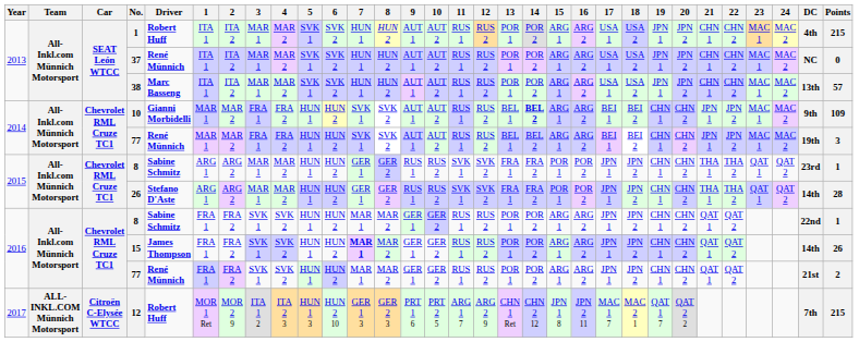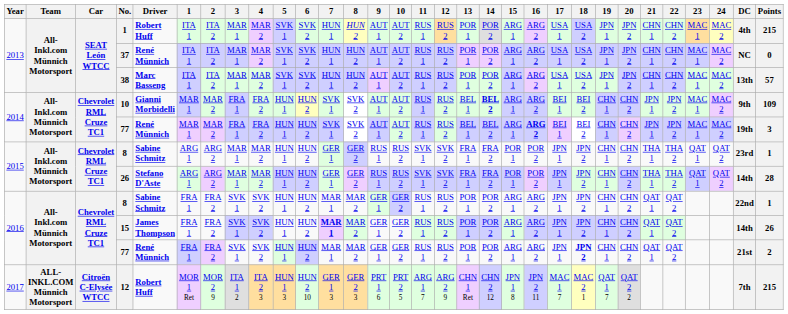 <table class="wikitable" style="text-align:center; font-size:85%">
 <tr>
 <th>Year</th>
 <th>Team</th>
 <th>Car</th>
 <th>No.</th>
 <th>Driver</th>
 <th>1</th>
 <th>2</th>
 <th>3</th>
 <th>4</th>
 <th>5</th>
 <th>6</th>
 <th>7</th>
 <th>8</th>
 <th>9</th>
 <th>10</th>
 <th>11</th>
 <th>12</th>
 <th>13</th>
 <th>14</th>
 <th>15</th>
 <th>16</th>
 <th>17</th>
 <th>18</th>
 <th>19</th>
 <th>20</th>
 <th>21</th>
 <th>22</th>
 <th>23</th>
 <th>24</th>
 <th>DC</th>
 <th>Points</th>
 </tr>
 <tr>
 <td rowspan=3><a href='#'>2013</a></td>
 <th rowspan=3>All-Inkl.com Münnich Motorsport</th>
 <th rowspan=3><a href='#'>SEAT León WTCC</a></th>
 <th>1</th>
 <td align="left"><strong> <a href='#'>Robert Huff</a></strong></td>
 <td style="background:#dfffdf;"><a href='#'>ITA<br>1</a><br></td>
 <td style="background:#dfffdf;"><a href='#'>ITA<br>2</a><br></td>
 <td style="background:#dfffdf;"><a href='#'>MAR<br>1</a><br></td>
 <td style="background:#EFCFFF;"><a href='#'>MAR<br>2</a><br></td>
 <td style="background:#cfcfff;"><a href='#'>SVK<br>1</a><br></td>
 <td style="background:#dfffdf;"><a href='#'>SVK<br>2</a><br></td>
 <td style="background:#dfffdf;"><a href='#'>HUN<br>1</a><br></td>
 <td style="background:#ffffbf;"><em><a href='#'>HUN<br>2</a></em><br></td>
 <td style="background:#dfffdf;"><a href='#'>AUT<br>1</a><br></td>
 <td style="background:#dfffdf;"><a href='#'>AUT<br>2</a><br></td>
 <td style="background:#dfffdf;"><a href='#'>RUS<br>1</a><br></td>
 <td style="background:#FFDF9F;"><a href='#'>RUS<br>2</a><br></td>
 <td style="background:#dfffdf;"><a href='#'>POR<br>1</a><br></td>
 <td style="background:#dfdfdf;"><a href='#'>POR<br>2</a><br></td>
 <td style="background:#dfffdf;"><a href='#'>ARG<br>1</a><br></td>
 <td style="background:#EFCFFF;"><a href='#'>ARG<br>2</a><br></td>
 <td style="background:#dfffdf;"><a href='#'>USA<br>1</a><br></td>
 <td style="background:#cfcfff;"><a href='#'>USA<br>2</a><br></td>
 <td style="background:#dfffdf;"><a href='#'>JPN<br>1</a><br></td>
 <td style="background:#dfffdf;"><a href='#'>JPN<br>2</a><br></td>
 <td style="background:#dfffdf;"><a href='#'>CHN<br>1</a><br></td>
 <td style="background:#dfffdf;"><a href='#'>CHN<br>2</a><br></td>
 <td style="background:#FFDF9F;"><a href='#'>MAC<br>1</a><br></td>
 <td style="background:#ffffbf;"><a href='#'>MAC<br>2</a><br></td>
 <th>4th</th>
 <th>215</th>
 </tr>
 <tr>
 <th>37</th>
 <td align="left"><strong> <a href='#'>René Münnich</a></strong></td>
 <td style="background:#cfcfff;"><a href='#'>ITA<br>1</a><br></td>
 <td style="background:#cfcfff;"><a href='#'>ITA<br>2</a><br></td>
 <td style="background:#cfcfff;"><a href='#'>MAR<br>1</a><br></td>
 <td style="background:#EFCFFF;"><a href='#'>MAR<br>2</a><br></td>
 <td style="background:#cfcfff;"><a href='#'>SVK<br>1</a><br></td>
 <td style="background:#cfcfff;"><a href='#'>SVK<br>2</a><br></td>
 <td style="background:#cfcfff;"><a href='#'>HUN<br>1</a><br></td>
 <td style="background:#cfcfff;"><a href='#'>HUN<br>2</a><br></td>
 <td style="background:#cfcfff;"><a href='#'>AUT<br>1</a><br></td>
 <td style="background:#cfcfff;"><a href='#'>AUT<br>2</a><br></td>
 <td style="background:#cfcfff;"><a href='#'>RUS<br>1</a><br></td>
 <td style="background:#cfcfff;"><a href='#'>RUS<br>2</a><br></td>
 <td style="background:#EFCFFF;"><a href='#'>POR<br>1</a><br></td>
 <td style="background:#EFCFFF;"><a href='#'>POR<br>2</a><br></td>
 <td style="background:#cfcfff;"><a href='#'>ARG<br>1</a><br></td>
 <td style="background:#cfcfff;"><a href='#'>ARG<br>2</a><br></td>
 <td style="background:#cfcfff;"><a href='#'>USA<br>1</a><br></td>
 <td style="background:#cfcfff;"><a href='#'>USA<br>2</a><br></td>
 <td style="background:#cfcfff;"><a href='#'>JPN<br>1</a><br></td>
 <td style="background:#cfcfff;"><a href='#'>JPN<br>2</a><br></td>
 <td style="background:#cfcfff;"><a href='#'>CHN<br>1</a><br></td>
 <td style="background:#cfcfff;"><a href='#'>CHN<br>2</a><br></td>
 <td style="background:#cfcfff;"><a href='#'>MAC<br>1</a><br></td>
 <td style="background:#EFCFFF;"><a href='#'>MAC<br>2</a><br></td>
 <th>NC</th>
 <th>0</th>
 </tr>
 <tr>
 <th>38</th>
 <td align="left"><strong> <a href='#'>Marc Basseng</a></strong></td>
 <td style="background:#cfcfff;"><a href='#'>ITA<br>1</a><br></td>
 <td style="background:#dfffdf;"><a href='#'>ITA<br>2</a><br></td>
 <td style="background:#dfffdf;"><a href='#'>MAR<br>1</a><br></td>
 <td style="background:#dfffdf;"><a href='#'>MAR<br>2</a><br></td>
 <td style="background:#cfcfff;"><a href='#'>SVK<br>1</a><br></td>
 <td style="background:#cfcfff;"><a href='#'>SVK<br>2</a><br></td>
 <td style="background:#cfcfff;"><a href='#'>HUN<br>1</a><br></td>
 <td style="background:#cfcfff;"><a href='#'>HUN<br>2</a><br></td>
 <td style="background:#efcfff;"><a href='#'>AUT<br>1</a><br></td>
 <td style="background:#cfcfff;"><a href='#'>AUT<br>2</a><br></td>
 <td style="background:#cfcfff;"><a href='#'>RUS<br>1</a><br></td>
 <td style="background:#cfcfff;"><a href='#'>RUS<br>2</a><br></td>
 <td style="background:#dfffdf;"><a href='#'>POR<br>1</a><br></td>
 <td style="background:#dfffdf;"><a href='#'>POR<br>2</a><br></td>
 <td style="background:#cfcfff;"><a href='#'>ARG<br>1</a><br></td>
 <td style="background:#efcfff;"><a href='#'>ARG<br>2</a><br></td>
 <td style="background:#dfffdf;"><a href='#'>USA<br>1</a><br></td>
 <td style="background:#dfffdf;"><a href='#'>USA<br>2</a><br></td>
 <td style="background:#dfffdf;"><a href='#'>JPN<br>1</a><br></td>
 <td style="background:#cfcfff;"><a href='#'>JPN<br>2</a><br></td>
 <td style="background:#cfcfff;"><a href='#'>CHN<br>1</a><br></td>
 <td style="background:#cfcfff;"><a href='#'>CHN<br>2</a><br></td>
 <td style="background:#dfffdf;"><a href='#'>MAC<br>1</a><br></td>
 <td style="background:#dfffdf;"><a href='#'>MAC<br>2</a><br></td>
 <th>13th</th>
 <th>57</th>
 </tr>
 <tr>
 <td rowspan=2><a href='#'>2014</a></td>
 <th rowspan=2>All-Inkl.com Münnich Motorsport</th>
 <th rowspan=2><a href='#'>Chevrolet RML Cruze TC1</a></th>
 <th>10</th>
 <td align="left"><strong> <a href='#'>Gianni Morbidelli</a></strong></td>
 <td style="background:#CFCFFF;"><a href='#'>MAR<br>1</a><br></td>
 <td style="background:#DFFFDF;"><a href='#'>MAR<br>2</a><br></td>
 <td style="background:#CFCFFF;"><a href='#'>FRA<br>1</a><br></td>
 <td style="background:#DFFFDF;"><a href='#'>FRA<br>2</a><br></td>
 <td style="background:#DFFFDF;"><a href='#'>HUN<br>1</a><br></td>
 <td style="background:#FFFFBF;"><a href='#'>HUN<br>2</a><br></td>
 <td style="background:#DFFFDF;"><a href='#'>SVK<br>1</a><br></td>
 <td style="background:#FFFFFF;"><a href='#'>SVK<br>2</a><br></td>
 <td style="background:#DFFFDF;"><a href='#'>AUT<br>1</a><br></td>
 <td style="background:#DFFFDF;"><a href='#'>AUT<br>2</a><br></td>
 <td style="background:#CFCFFF;"><a href='#'>RUS<br>1</a><br></td>
 <td style="background:#DFFFDF;"><a href='#'>RUS<br>2</a><br></td>
 <td style="background:#DFFFDF;"><a href='#'>BEL<br>1</a><br></td>
 <td style="background:#DFFFDF;"><strong><a href='#'>BEL<br>2</a></strong><br></td>
 <td style="background:#CFCFFF;"><a href='#'>ARG<br>1</a><br></td>
 <td style="background:#CFCFFF;"><a href='#'>ARG<br>2</a><br></td>
 <td style="background:#DFFFDF;"><a href='#'>BEI<br>1</a><br></td>
 <td style="background:#DFFFDF;"><a href='#'>BEI<br>2</a><br></td>
 <td style="background:#CFCFFF;"><a href='#'>CHN<br>1</a><br></td>
 <td style="background:#CFCFFF;"><a href='#'>CHN<br>2</a><br></td>
 <td style="background:#DFFFDF;"><a href='#'>JPN<br>1</a><br></td>
 <td style="background:#DFFFDF;"><a href='#'>JPN<br>2</a><br></td>
 <td style="background:#DFFFDF;"><a href='#'>MAC<br>1</a><br></td>
 <td style="background:#EFCFFF;"><a href='#'>MAC<br>2</a><br></td>
 <th>9th</th>
 <th>109</th>
 </tr>
 <tr>
 <th>77</th>
 <td align="left"><strong> <a href='#'>René Münnich</a></strong></td>
 <td style="background:#EFCFFF;"><a href='#'>MAR<br>1</a><br></td>
 <td style="background:#EFCFFF;"><a href='#'>MAR<br>2</a><br></td>
 <td style="background:#CFCFFF;"><a href='#'>FRA<br>1</a><br></td>
 <td style="background:#CFCFFF;"><a href='#'>FRA<br>2</a><br></td>
 <td style="background:#CFCFFF;"><a href='#'>HUN<br>1</a><br></td>
 <td style="background:#CFCFFF;"><a href='#'>HUN<br>2</a><br></td>
 <td style="background:#CFCFFF;"><a href='#'>SVK<br>1</a><br></td>
 <td style="background:#FFFFFF;"><a href='#'>SVK<br>2</a><br></td>
 <td style="background:#CFCFFF;"><a href='#'>AUT<br>1</a><br></td>
 <td style="background:#DFFFDF;"><a href='#'>AUT<br>2</a><br></td>
 <td style="background:#CFCFFF;"><a href='#'>RUS<br>1</a><br></td>
 <td style="background:#DFFFDF;"><a href='#'>RUS<br>2</a><br></td>
 <td style="background:#CFCFFF;"><a href='#'>BEL<br>1</a><br></td>
 <td style="background:#CFCFFF;"><a href='#'>BEL<br>2</a><br></td>
 <td style="background:#CFCFFF;"><a href='#'>ARG<br>1</a><br></td>
-<td style="background:#CFCFFF;"><a href='#'>ARG<br>2</a><br></td>
+<td style="background:#CFCFFF;"><strong><a href='#'>ARG<br>2</a><br></strong></td>
 <td style="background:#EFCFFF;"><a href='#'>BEI<br>1</a><br></td>
 <td style="background:#FFFFFF;"><a href='#'>BEI<br>2</a><br></td>
 <td style="background:#CFCFFF;"><a href='#'>CHN<br>1</a><br></td>
 <td style="background:#EFCFFF;"><a href='#'>CHN<br>2</a><br></td>
 <td style="background:#CFCFFF;"><a href='#'>JPN<br>1</a><br></td>
 <td style="background:#CFCFFF;"><a href='#'>JPN<br>2</a><br></td>
 <td style="background:#CFCFFF;"><a href='#'>MAC<br>1</a><br></td>
 <td style="background:#CFCFFF;"><a href='#'>MAC<br>2</a><br></td>
 <th>19th</th>
 <th>3</th>
 </tr>
 <tr>
 <td rowspan=2><a href='#'>2015</a></td>
 <th rowspan=2>All-Inkl.com Münnich Motorsport</th>
 <th rowspan=2><a href='#'>Chevrolet RML Cruze TC1</a></th>
 <th>8</th>
 <td align="left"><strong> <a href='#'>Sabine Schmitz</a></strong></td>
 <td><a href='#'>ARG<br>1</a></td>
 <td><a href='#'>ARG<br>2</a></td>
 <td><a href='#'>MAR<br>1</a></td>
 <td><a href='#'>MAR<br>2</a></td>
 <td><a href='#'>HUN<br>1</a></td>
 <td><a href='#'>HUN<br>2</a></td>
 <td style="background:#DFFFDF;"><a href='#'>GER<br>1</a><br></td>
 <td style="background:#CFCFFF;"><a href='#'>GER<br>2</a><br></td>
 <td><a href='#'>RUS<br>1</a></td>
 <td><a href='#'>RUS<br>2</a></td>
 <td><a href='#'>SVK<br>1</a></td>
 <td><a href='#'>SVK<br>2</a></td>
 <td><a href='#'>FRA<br>1</a></td>
 <td><a href='#'>FRA<br>2</a></td>
 <td><a href='#'>POR<br>1</a></td>
 <td><a href='#'>POR<br>2</a></td>
 <td><a href='#'>JPN<br>1</a></td>
 <td><a href='#'>JPN<br>2</a></td>
 <td><a href='#'>CHN<br>1</a></td>
 <td><a href='#'>CHN<br>2</a></td>
 <td><a href='#'>THA<br>1</a></td>
 <td><a href='#'>THA<br>2</a></td>
 <td><a href='#'>QAT<br>1</a></td>
 <td><a href='#'>QAT<br>2</a></td>
 <th>23rd</th>
 <th>1</th>
 </tr>
 <tr>
 <th>26</th>
 <td align="left"><strong> <a href='#'>Stefano D'Aste</a></strong></td>
 <td style="background:#DFFFDF;"><a href='#'>ARG<br>1</a><br></td>
 <td style="background:#EFCFFF;"><a href='#'>ARG<br>2</a><br></td>
 <td style="background:#DFFFDF;"><a href='#'>MAR<br>1</a><br></td>
 <td style="background:#DFFFDF;"><a href='#'>MAR<br>2</a><br></td>
 <td style="background:#CFCFFF;"><a href='#'>HUN<br>1</a><br></td>
 <td style="background:#CFCFFF;"><a href='#'>HUN<br>2</a><br></td>
 <td style="background:#DFFFDF;"><a href='#'>GER<br>1</a><br></td>
 <td style="background:#EFCFFF;"><a href='#'>GER<br>2</a><br></td>
 <td style="background:#CFCFFF;"><a href='#'>RUS<br>1</a><br></td>
 <td style="background:#CFCFFF;"><a href='#'>RUS<br>2</a><br></td>
 <td style="background:#CFCFFF;"><a href='#'>SVK<br>1</a><br></td>
 <td style="background:#CFCFFF;"><a href='#'>SVK<br>2</a><br></td>
 <td style="background:#CFCFFF;"><a href='#'>FRA<br>1</a><br></td>
 <td style="background:#CFCFFF;"><a href='#'>FRA<br>2</a><br></td>
 <td style="background:#CFCFFF;"><a href='#'>POR<br>1</a><br></td>
 <td style="background:#EFCFFF;"><a href='#'>POR<br>2</a><br></td>
 <td style="background:#CFCFFF;"><a href='#'>JPN<br>1</a><br></td>
 <td style="background:#DFFFDF;"><a href='#'>JPN<br>2</a><br></td>
 <td style="background:#DFFFDF;"><a href='#'>CHN<br>1</a><br></td>
 <td style="background:#CFCFFF;"><a href='#'>CHN<br>2</a><br></td>
 <td style="background:#DFFFDF;"><a href='#'>THA<br>1</a><br></td>
 <td style="background:#DFFFDF;"><a href='#'>THA<br>2</a><br></td>
 <td style="background:#CFCFFF;"><a href='#'>QAT<br>1</a><br></td>
 <td style="background:#EFCFFF;"><a href='#'>QAT<br>2</a><br></td>
 <th>14th</th>
 <th>28</th>
 </tr>
 <tr>
 <td rowspan=3><a href='#'>2016</a></td>
 <th rowspan=3>All-Inkl.com Münnich Motorsport</th>
 <th rowspan=3><a href='#'>Chevrolet RML Cruze TC1</a></th>
 <th>8</th>
 <td align="left"><strong> <a href='#'>Sabine Schmitz</a></strong></td>
 <td><a href='#'>FRA<br>1</a></td>
 <td><a href='#'>FRA<br>2</a></td>
 <td><a href='#'>SVK<br>1</a></td>
 <td><a href='#'>SVK<br>2</a></td>
 <td><a href='#'>HUN<br>1</a></td>
 <td><a href='#'>HUN<br>2</a></td>
 <td><a href='#'>MAR<br>1</a></td>
 <td><a href='#'>MAR<br>2</a></td>
 <td style="background:#DFFFDF;"><a href='#'>GER<br>1</a><br></td>
 <td style="background:#CFCFFF;"><a href='#'>GER<br>2</a><br></td>
 <td><a href='#'>RUS<br>1</a></td>
 <td><a href='#'>RUS<br>2</a></td>
 <td><a href='#'>POR<br>1</a></td>
 <td><a href='#'>POR<br>2</a></td>
 <td><a href='#'>ARG<br>1</a></td>
 <td><a href='#'>ARG<br>2</a></td>
 <td><a href='#'>JPN<br>1</a></td>
 <td><a href='#'>JPN<br>2</a></td>
 <td><a href='#'>CHN<br>1</a></td>
 <td><a href='#'>CHN<br>2</a></td>
 <td><a href='#'>QAT<br>1</a></td>
 <td><a href='#'>QAT<br>2</a></td>
 <td></td>
 <td></td>
 <th>22nd</th>
 <th>1</th>
 </tr>
 <tr>
 <th>15</th>
 <td align="left"><strong> <a href='#'>James Thompson</a></strong></td>
 <td><a href='#'>FRA<br>1</a></td>
 <td><a href='#'>FRA<br>2</a></td>
 <td style="background:#CFCFFF;"><a href='#'>SVK<br>1</a><br></td>
 <td style="background:#CFCFFF;"><a href='#'>SVK<br>2</a><br></td>
 <td><a href='#'>HUN<br>1</a></td>
 <td><a href='#'>HUN<br>2</a></td>
 <td style="background:#EFCFFF;"><strong><a href='#'>MAR<br>1</a></strong><br></td>
 <td style="background:#DFFFDF;"><a href='#'>MAR<br>2</a><br></td>
 <td><a href='#'>GER<br>1</a></td>
 <td><a href='#'>GER<br>2</a></td>
 <td style="background:#DFFFDF;"><a href='#'>RUS<br>1</a><br></td>
 <td style="background:#DFFFDF;"><a href='#'>RUS<br>2</a><br></td>
 <td style="background:#CFCFFF;"><a href='#'>POR<br>1</a><br></td>
 <td style="background:#CFCFFF;"><a href='#'>POR<br>2</a><br></td>
 <td style="background:#DFFFDF;"><a href='#'>ARG<br>1</a><br></td>
 <td style="background:#CFCFFF;"><a href='#'>ARG<br>2</a><br></td>
 <td style="background:#CFCFFF;"><a href='#'>JPN<br>1</a><br></td>
 <td style="background:#CFCFFF;"><a href='#'>JPN<br>2</a><br></td>
 <td style="background:#CFCFFF;"><a href='#'>CHN<br>1</a><br></td>
 <td style="background:#CFCFFF;"><a href='#'>CHN<br>2</a><br></td>
 <td style="background:#DFFFDF;"><a href='#'>QAT<br>1</a><br></td>
 <td style="background:#DFFFDF;"><a href='#'>QAT<br>2</a><br></td>
 <td></td>
 <td></td>
 <th>14th</th>
 <th>26</th>
 </tr>
 <tr>
 <th>77</th>
 <td align="left"><strong> <a href='#'>René Münnich</a></strong></td>
 <td style="background:#CFCFFF;"><a href='#'>FRA<br>1</a><br></td>
 <td style="background:#EFCFFF;"><a href='#'>FRA<br>2</a><br></td>
 <td><a href='#'>SVK<br>1</a></td>
 <td><a href='#'>SVK<br>2</a></td>
 <td style="background:#DFFFDF;"><a href='#'>HUN<br>1</a><br></td>
 <td style="background:#CFCFFF;"><a href='#'>HUN<br>2</a><br></td>
 <td><a href='#'>MAR<br>1</a></td>
 <td><a href='#'>MAR<br>2</a></td>
 <td><a href='#'>GER<br>1</a></td>
 <td><a href='#'>GER<br>2</a></td>
 <td><a href='#'>RUS<br>1</a></td>
 <td><a href='#'>RUS<br>2</a></td>
 <td><a href='#'>POR<br>1</a></td>
 <td><a href='#'>POR<br>2</a></td>
 <td><a href='#'>ARG<br>1</a></td>
 <td><a href='#'>ARG<br>2</a></td>
 <td><a href='#'>JPN<br>1</a></td>
-<td><a href='#'>JPN<br>2</a></td>
+<td><strong><a href='#'>JPN<br>2</a></strong></td>
 <td><a href='#'>CHN<br>1</a></td>
 <td><a href='#'>CHN<br>2</a></td>
 <td><a href='#'>QAT<br>1</a></td>
 <td><a href='#'>QAT<br>2</a></td>
 <td></td>
 <td></td>
 <th>21st</th>
 <th>2</th>
 </tr>
 <tr>
 <td><a href='#'>2017</a></td>
 <th>ALL-INKL.COM Münnich Motorsport</th>
 <th><a href='#'>Citroën C-Elysée WTCC</a></th>
 <th>12</th>
 <td align="left"><strong> <a href='#'>Robert Huff</a></strong></td>
 <td style="background:#EFCFFF;"><a href='#'>MOR<br>1</a><br><small>Ret</small></td>
 <td style="background:#DFFFDF;"><a href='#'>MOR<br>2</a><br><small>9</small></td>
 <td style="background:#DFDFDF;"><a href='#'>ITA<br>1</a><br><small>2</small></td>
 <td style="background:#FFDF9F;"><a href='#'>ITA<br>2</a><br><small>3</small></td>
 <td style="background:#FFDF9F;"><a href='#'>HUN<br>1</a><br><small>3</small></td>
 <td style="background:#DFFFDF;"><a href='#'>HUN<br>2</a><br><small>10</small></td>
 <td style="background:#FFDF9F;"><a href='#'>GER<br>1</a><br><small>3</small></td>
 <td style="background:#FFDF9F;"><a href='#'>GER<br>2</a><br><small>3</small></td>
 <td style="background:#DFFFDF;"><a href='#'>PRT<br>1</a><br><small>6</small></td>
 <td style="background:#DFFFDF;"><a href='#'>PRT<br>2</a><br><small>5</small></td>
 <td style="background:#DFFFDF;"><a href='#'>ARG<br>1</a><br><small>7</small></td>
 <td style="background:#DFFFDF;"><a href='#'>ARG<br>2</a><br><small>9</small></td>
 <td style="background:#EFCFFF;"><a href='#'>CHN<br>1</a><br><small>Ret</small></td>
 <td style="background:#CFCFFF;"><a href='#'>CHN<br>2</a><br><small>12</small></td>
 <td style="background:#DFFFDF;"><a href='#'>JPN<br>1</a><br><small>8</small></td>
 <td style="background:#CFCFFF;"><a href='#'>JPN<br>2</a><br><small>11</small></td>
 <td style="background:#DFFFDF;"><a href='#'>MAC<br>1</a><br><small>7</small></td>
 <td style="background:#FFFFBF;"><a href='#'>MAC<br>2</a><br><small>1</small></td>
 <td style="background:#DFFFDF;"><a href='#'>QAT<br>1</a><br><small>7</small></td>
 <td style="background:#DFDFDF;"><a href='#'>QAT<br>2</a><br><small>2</small></td>
 <td></td>
 <td></td>
 <td></td>
 <td></td>
 <th>7th</th>
 <th>215</th>
 </tr>
 </table>
